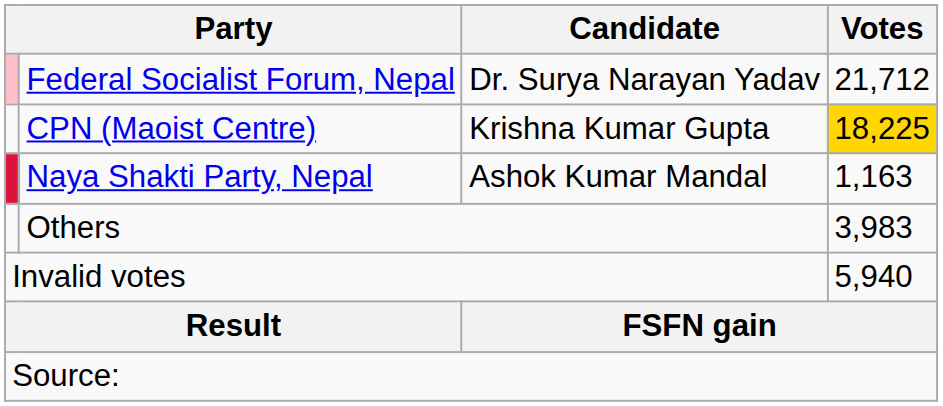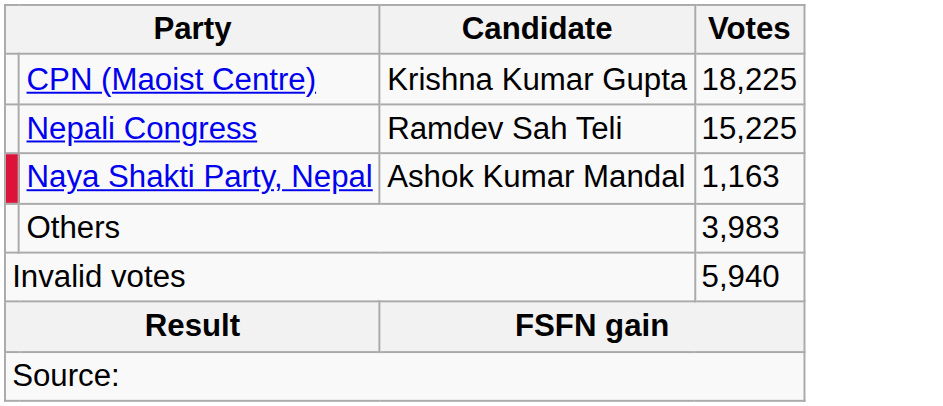 <table class="wikitable">
 <tr>
 <th colspan="2">Party</th>
 <th>Candidate</th>
 <th>Votes</th>
 </tr>
 <tr>
-<td style="background-color:#ffc0cb"></td>
-<td><a href='#'>Federal Socialist Forum, Nepal</a></td>
-<td>Dr. Surya Narayan Yadav</td>
-<td>21,712</td>
+<td style="background-color:"></td>
+<td><a href='#'>CPN (Maoist Centre)</a></td>
+<td>Krishna Kumar Gupta</td>
+<td>18,225</td>
 </tr>
 <tr>
 <td style="background-color:"></td>
-<td><a href='#'>CPN (Maoist Centre)</a></td>
-<td>Krishna Kumar Gupta</td>
-<td style="background: gold;">18,225</td>
+<td><a href='#'>Nepali Congress</a></td>
+<td>Ramdev Sah Teli</td>
+<td>15,225</td>
 </tr>
 <tr>
 <td style="background-color:crimson"></td>
 <td><a href='#'>Naya Shakti Party, Nepal</a></td>
 <td>Ashok Kumar Mandal</td>
 <td>1,163</td>
 </tr>
 <tr>
 <td></td>
 <td colspan="2">Others</td>
 <td>3,983</td>
 </tr>
 <tr>
 <td colspan="3">Invalid votes</td>
 <td>5,940</td>
 </tr>
 <tr>
 <th colspan="2">Result</th>
 <th colspan="2">FSFN gain</th>
 </tr>
 <tr>
 <td colspan="4">Source: </td>
 </tr>
 </table>
